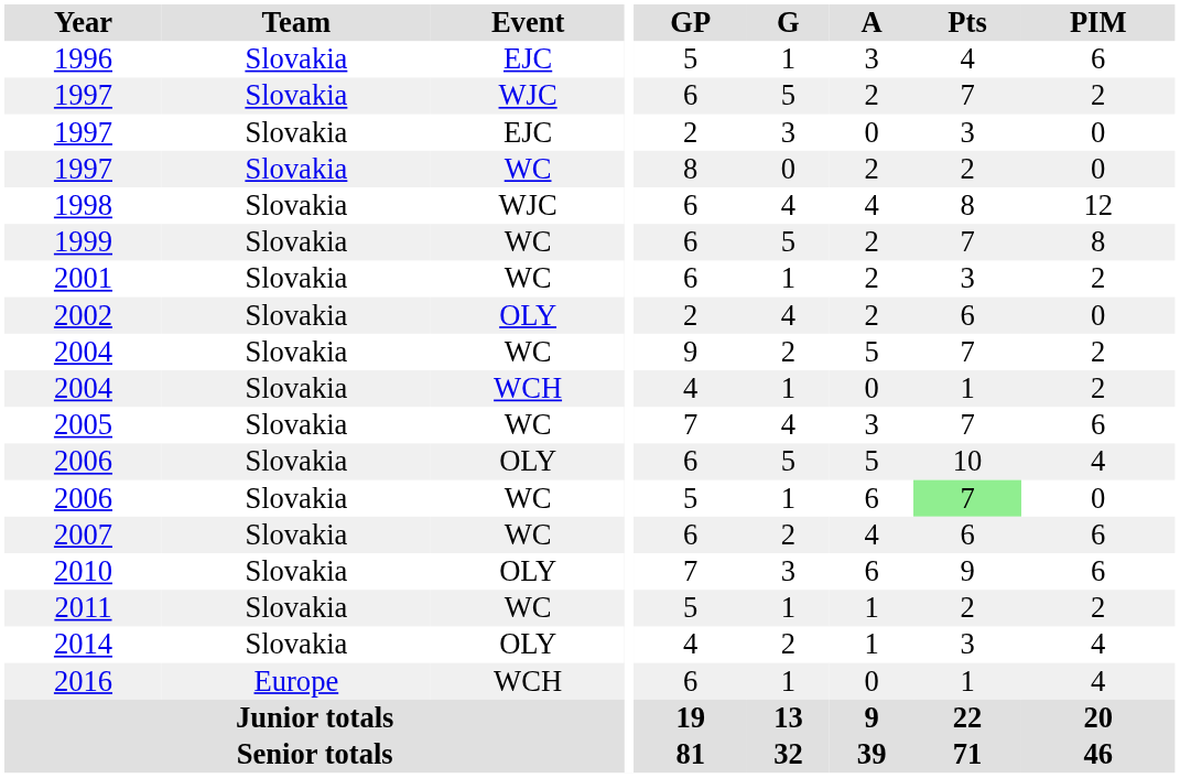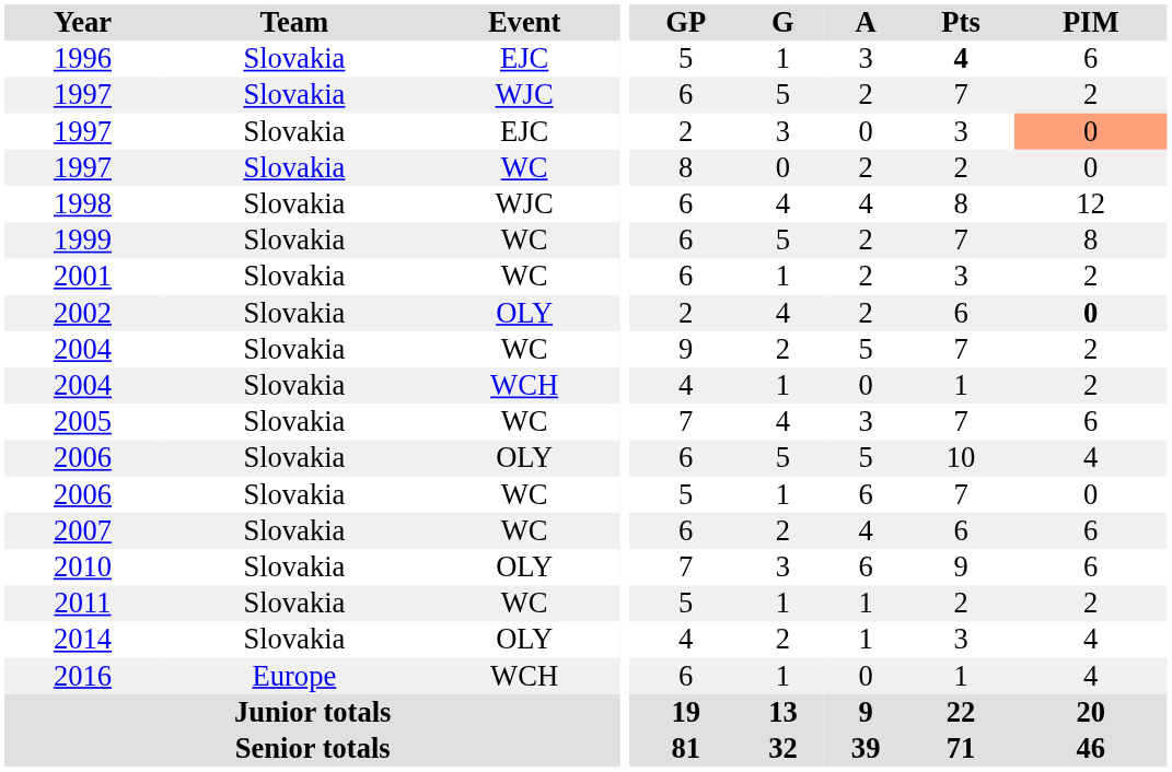 <table border="0" cellpadding="1" cellspacing="0" ID="Table3" style="text-align:center; width:40em">
 <tr bgcolor="#e0e0e0">
 <th>Year</th>
 <th>Team</th>
 <th>Event</th>
 <th rowspan="102" bgcolor="#ffffff"></th>
 <th>GP</th>
 <th>G</th>
 <th>A</th>
 <th>Pts</th>
 <th>PIM</th>
 </tr>
 <tr>
 <td><a href='#'>1996</a></td>
 <td><a href='#'>Slovakia</a></td>
 <td><a href='#'>EJC</a></td>
 <td>5</td>
 <td>1</td>
 <td>3</td>
-<td>4</td>
+<td><strong>4</strong></td>
 <td>6</td>
 </tr>
 <tr bgcolor="#f0f0f0">
 <td><a href='#'>1997</a></td>
 <td><a href='#'>Slovakia</a></td>
 <td><a href='#'>WJC</a></td>
 <td>6</td>
 <td>5</td>
 <td>2</td>
 <td>7</td>
 <td>2</td>
 </tr>
 <tr>
 <td><a href='#'>1997</a></td>
 <td>Slovakia</td>
 <td>EJC</td>
 <td>2</td>
 <td>3</td>
 <td>0</td>
 <td>3</td>
-<td>0</td>
+<td style="background: lightsalmon;">0</td>
 </tr>
 <tr bgcolor="#f0f0f0">
 <td><a href='#'>1997</a></td>
 <td><a href='#'>Slovakia</a></td>
 <td><a href='#'>WC</a></td>
 <td>8</td>
 <td>0</td>
 <td>2</td>
 <td>2</td>
 <td>0</td>
 </tr>
 <tr>
 <td><a href='#'>1998</a></td>
 <td>Slovakia</td>
 <td>WJC</td>
 <td>6</td>
 <td>4</td>
 <td>4</td>
 <td>8</td>
 <td>12</td>
 </tr>
 <tr bgcolor="#f0f0f0">
 <td><a href='#'>1999</a></td>
 <td>Slovakia</td>
 <td>WC</td>
 <td>6</td>
 <td>5</td>
 <td>2</td>
 <td>7</td>
 <td>8</td>
 </tr>
 <tr>
 <td><a href='#'>2001</a></td>
 <td>Slovakia</td>
 <td>WC</td>
 <td>6</td>
 <td>1</td>
 <td>2</td>
 <td>3</td>
 <td>2</td>
 </tr>
 <tr bgcolor="#f0f0f0">
 <td><a href='#'>2002</a></td>
 <td>Slovakia</td>
 <td><a href='#'>OLY</a></td>
 <td>2</td>
 <td>4</td>
 <td>2</td>
 <td>6</td>
-<td>0</td>
+<td><strong>0</strong></td>
 </tr>
 <tr>
 <td><a href='#'>2004</a></td>
 <td>Slovakia</td>
 <td>WC</td>
 <td>9</td>
 <td>2</td>
 <td>5</td>
 <td>7</td>
 <td>2</td>
 </tr>
 <tr bgcolor="#f0f0f0">
 <td><a href='#'>2004</a></td>
 <td>Slovakia</td>
 <td><a href='#'>WCH</a></td>
 <td>4</td>
 <td>1</td>
 <td>0</td>
 <td>1</td>
 <td>2</td>
 </tr>
 <tr>
 <td><a href='#'>2005</a></td>
 <td>Slovakia</td>
 <td>WC</td>
 <td>7</td>
 <td>4</td>
 <td>3</td>
 <td>7</td>
 <td>6</td>
 </tr>
 <tr bgcolor="#f0f0f0">
 <td><a href='#'>2006</a></td>
 <td>Slovakia</td>
 <td>OLY</td>
 <td>6</td>
 <td>5</td>
 <td>5</td>
 <td>10</td>
 <td>4</td>
 </tr>
 <tr>
 <td><a href='#'>2006</a></td>
 <td>Slovakia</td>
 <td>WC</td>
 <td>5</td>
 <td>1</td>
 <td>6</td>
-<td style="background: lightgreen;">7</td>
+<td>7</td>
 <td>0</td>
 </tr>
 <tr bgcolor="#f0f0f0">
 <td><a href='#'>2007</a></td>
 <td>Slovakia</td>
 <td>WC</td>
 <td>6</td>
 <td>2</td>
 <td>4</td>
 <td>6</td>
 <td>6</td>
 </tr>
 <tr>
 <td><a href='#'>2010</a></td>
 <td>Slovakia</td>
 <td>OLY</td>
 <td>7</td>
 <td>3</td>
 <td>6</td>
 <td>9</td>
 <td>6</td>
 </tr>
 <tr bgcolor="#f0f0f0">
 <td><a href='#'>2011</a></td>
 <td>Slovakia</td>
 <td>WC</td>
 <td>5</td>
 <td>1</td>
 <td>1</td>
 <td>2</td>
 <td>2</td>
 </tr>
 <tr>
 <td><a href='#'>2014</a></td>
 <td>Slovakia</td>
 <td>OLY</td>
 <td>4</td>
 <td>2</td>
 <td>1</td>
 <td>3</td>
 <td>4</td>
 </tr>
 <tr bgcolor="#f0f0f0">
 <td><a href='#'>2016</a></td>
 <td><a href='#'>Europe</a></td>
 <td>WCH</td>
 <td>6</td>
 <td>1</td>
 <td>0</td>
 <td>1</td>
 <td>4</td>
 </tr>
 <tr bgcolor="#e0e0e0">
 <th colspan=3>Junior totals</th>
 <th>19</th>
 <th>13</th>
 <th>9</th>
 <th>22</th>
 <th>20</th>
 </tr>
 <tr bgcolor="#e0e0e0">
 <th colspan=3>Senior totals</th>
 <th>81</th>
 <th>32</th>
 <th>39</th>
 <th>71</th>
 <th>46</th>
 </tr>
 </table>
